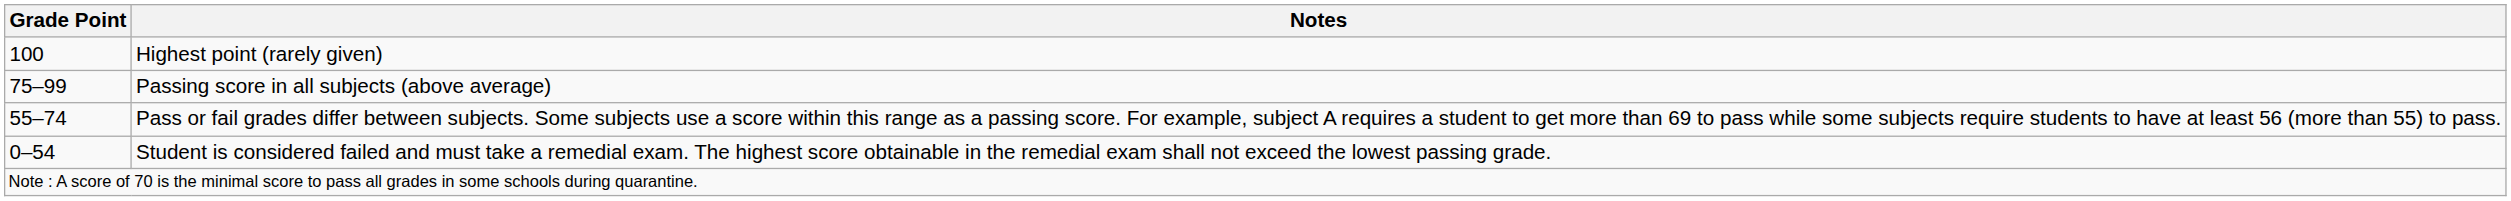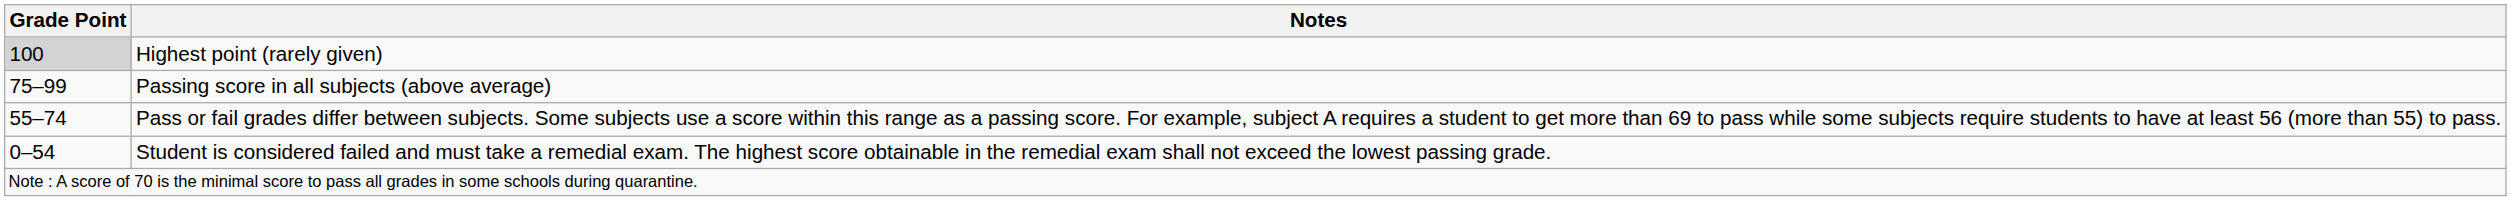 <table class="wikitable">
 <tr>
 <th>Grade Point</th>
 <th>Notes</th>
 </tr>
 <tr>
-<td>100</td>
+<td style="background: lightgrey;">100</td>
 <td>Highest point (rarely given)</td>
 </tr>
 <tr>
 <td>75–99</td>
 <td>Passing score in all subjects (above average)</td>
 </tr>
 <tr>
 <td>55–74</td>
 <td>Pass or fail grades differ between subjects. Some subjects use a score within this range as a passing score. For example, subject A requires a student to get more than 69 to pass while some subjects require students to have at least 56 (more than 55) to pass.</td>
 </tr>
 <tr>
 <td>0–54</td>
 <td>Student is considered failed and must take a remedial exam. The highest score obtainable in the remedial exam shall not exceed the lowest passing grade.</td>
 </tr>
 <tr>
 <td colspan="2" style="font-size:80%;">Note : A score of 70 is the minimal score to pass all grades in some schools during quarantine.</td>
 </tr>
 </table>
